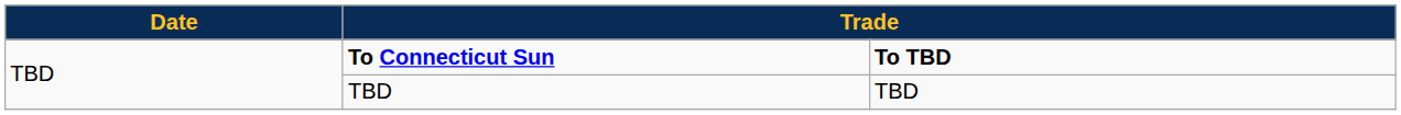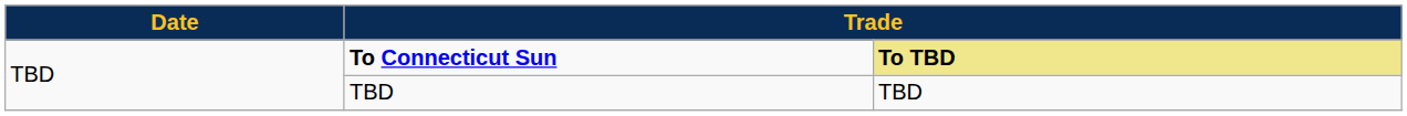 <table class="wikitable" style="width:80%">
 <tr>
 <th style="background:#092C57;color:#FFC322; width=125">Date</th>
 <th style="background:#092C57;color:#FFC322;" colspan=2>Trade</th>
 </tr>
 <tr>
 <td rowspan=2>TBD</td>
 <td width=375><strong>To <a href='#'>Connecticut Sun</a></strong></td>
-<td width=375><strong>To TBD</strong></td>
+<td width=375 style="background: khaki;"><strong>To TBD</strong></td>
 </tr>
 <tr>
 <td>TBD</td>
 <td>TBD</td>
 </tr>
 <tr>
 </tr>
 </table>
